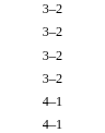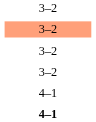 <table style="font-size:90%">
 <tr>
 <th width="150"></th>
 <th width="100"></th>
 <th width="150"></th>
 </tr>
 <tr>
 <td align="right"><strong></strong></td>
 <td align="center">3–2</td>
 <td></td>
 </tr>
 <tr>
 <td></td>
 <td></td>
 <td></td>
 </tr>
 <tr>
 <td align="right"><strong></strong></td>
-<td align="center">3–2</td>
+<td align="center" style="background: lightsalmon;">3–2</td>
 <td></td>
 </tr>
 <tr>
 <td></td>
 <td></td>
 <td></td>
 </tr>
 <tr>
 <td align="right"><strong></strong></td>
 <td align="center">3–2</td>
 <td></td>
 </tr>
 <tr>
 <td></td>
 <td></td>
 <td></td>
 </tr>
 <tr>
 <td align="right"><strong></strong></td>
 <td align="center">3–2</td>
 <td></td>
 </tr>
 <tr>
 <td></td>
 <td></td>
 <td></td>
 </tr>
 <tr>
 <td align="right"><strong></strong></td>
 <td align="center">4–1</td>
 <td></td>
 </tr>
 <tr>
 <td></td>
 <td></td>
 <td></td>
 </tr>
 <tr>
 <td align="right"><strong></strong></td>
-<td align="center">4–1</td>
+<td align="center"><strong>4–1</strong></td>
 <td></td>
 </tr>
 <tr>
 <td></td>
 <td></td>
 <td></td>
 </tr>
 </table>
